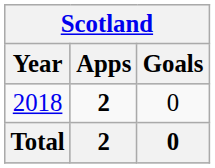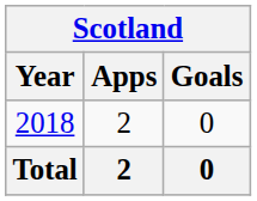 <table class="wikitable" style="text-align:center">
 <tr>
 <th colspan=3><a href='#'>Scotland</a></th>
 </tr>
 <tr>
 <th>Year</th>
 <th>Apps</th>
 <th>Goals</th>
 </tr>
 <tr>
 <td><a href='#'>2018</a></td>
-<td><strong>2</strong></td>
+<td>2</td>
 <td>0</td>
 </tr>
 <tr>
 <th>Total</th>
 <th>2</th>
 <th>0</th>
 </tr>
 </table>
